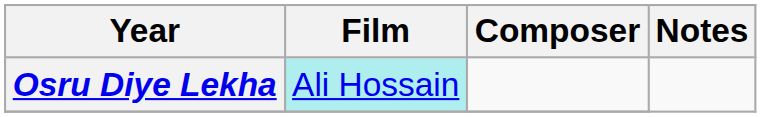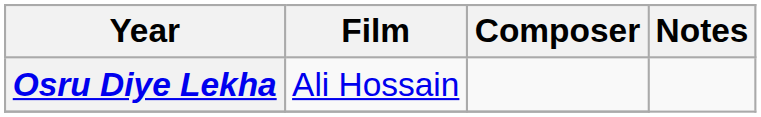 <table class="wikitable sortable">
 <tr>
 <th>Year</th>
 <th>Film</th>
 <th>Composer</th>
 <th>Notes</th>
 </tr>
 <tr>
 <th><em><a href='#'>Osru Diye Lekha</a></em></th>
-<td style="background: paleturquoise;"><a href='#'>Ali Hossain</a></td>
+<td><a href='#'>Ali Hossain</a></td>
 <td></td>
 </tr>
 <tr>
 </tr>
 </table>
